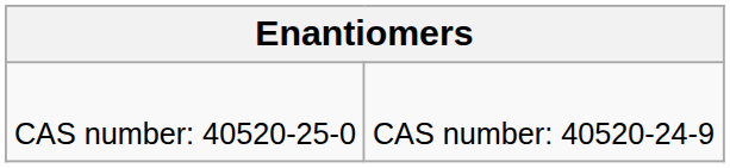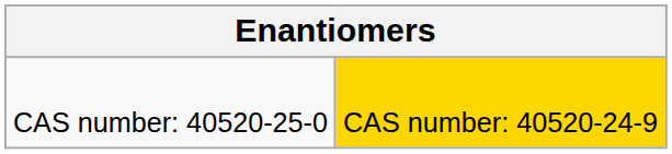 <table class="wikitable" style="text-align:center">
 <tr>
 <th colspan="2">Enantiomers</th>
 </tr>
 <tr>
 <td><br><small> CAS number: 40520-25-0</small></td>
-<td><br><small> CAS number: 40520-24-9</small></td>
+<td style="background: gold;"><br><small> CAS number: 40520-24-9</small></td>
 </tr>
 </table>
